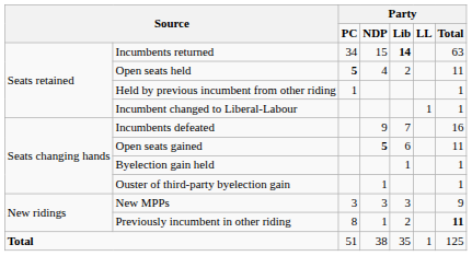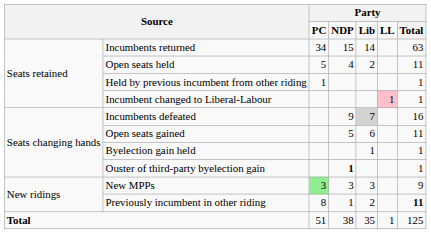 <table class="wikitable" style="text-align:right;">
 <tr>
 <th colspan="2" rowspan="2">Source</th>
 <th colspan="5">Party</th>
 </tr>
 <tr>
 <td><strong>PC</strong></td>
 <td><strong>NDP</strong></td>
 <td><strong>Lib</strong></td>
 <td><strong>LL</strong></td>
 <th>Total</th>
 </tr>
 <tr>
 <td rowspan="4" style="text-align:left;">Seats retained</td>
 <td style="text-align:left;">Incumbents returned</td>
 <td>34</td>
 <td>15</td>
-<td><strong>14</strong></td>
+<td>14</td>
 <td></td>
 <td>63</td>
 </tr>
 <tr>
 <td style="text-align:left;">Open seats held</td>
-<td><strong>5</strong></td>
+<td>5</td>
 <td>4</td>
 <td>2</td>
 <td></td>
 <td>11</td>
 </tr>
 <tr>
 <td style="text-align:left;">Held by previous incumbent from other riding</td>
 <td>1</td>
 <td></td>
 <td></td>
 <td></td>
 <td>1</td>
 </tr>
 <tr>
 <td style="text-align:left;">Incumbent changed to Liberal-Labour</td>
 <td></td>
 <td></td>
 <td></td>
-<td>1</td>
+<td style="background: pink;">1</td>
 <td>1</td>
 </tr>
 <tr>
 <td rowspan="4" style="text-align:left;">Seats changing hands</td>
 <td style="text-align:left;">Incumbents defeated</td>
 <td></td>
 <td>9</td>
-<td>7</td>
+<td style="background: lightgrey;">7</td>
 <td></td>
 <td>16</td>
 </tr>
 <tr>
 <td style="text-align:left;">Open seats gained</td>
 <td></td>
-<td><strong>5</strong></td>
+<td>5</td>
 <td>6</td>
 <td></td>
 <td>11</td>
 </tr>
 <tr>
 <td style="text-align:left;">Byelection gain held</td>
 <td></td>
 <td></td>
 <td>1</td>
 <td></td>
 <td>1</td>
 </tr>
 <tr>
 <td style="text-align:left;">Ouster of third-party byelection gain</td>
 <td></td>
-<td>1</td>
+<td><strong>1</strong></td>
 <td></td>
 <td></td>
 <td>1</td>
 </tr>
 <tr>
 <td rowspan="2" style="text-align:left;">New ridings</td>
 <td style="text-align:left;">New MPPs</td>
-<td>3</td>
+<td style="background: lightgreen;">3</td>
 <td>3</td>
 <td>3</td>
 <td></td>
 <td>9</td>
 </tr>
 <tr>
 <td style="text-align:left;">Previously incumbent in other riding</td>
 <td>8</td>
 <td>1</td>
 <td>2</td>
 <td></td>
 <td><strong>11</strong></td>
 </tr>
 <tr>
 <td colspan="2" style="text-align:left;"><strong>Total</strong></td>
 <td>51</td>
 <td>38</td>
 <td>35</td>
 <td>1</td>
 <td>125</td>
 </tr>
 </table>
